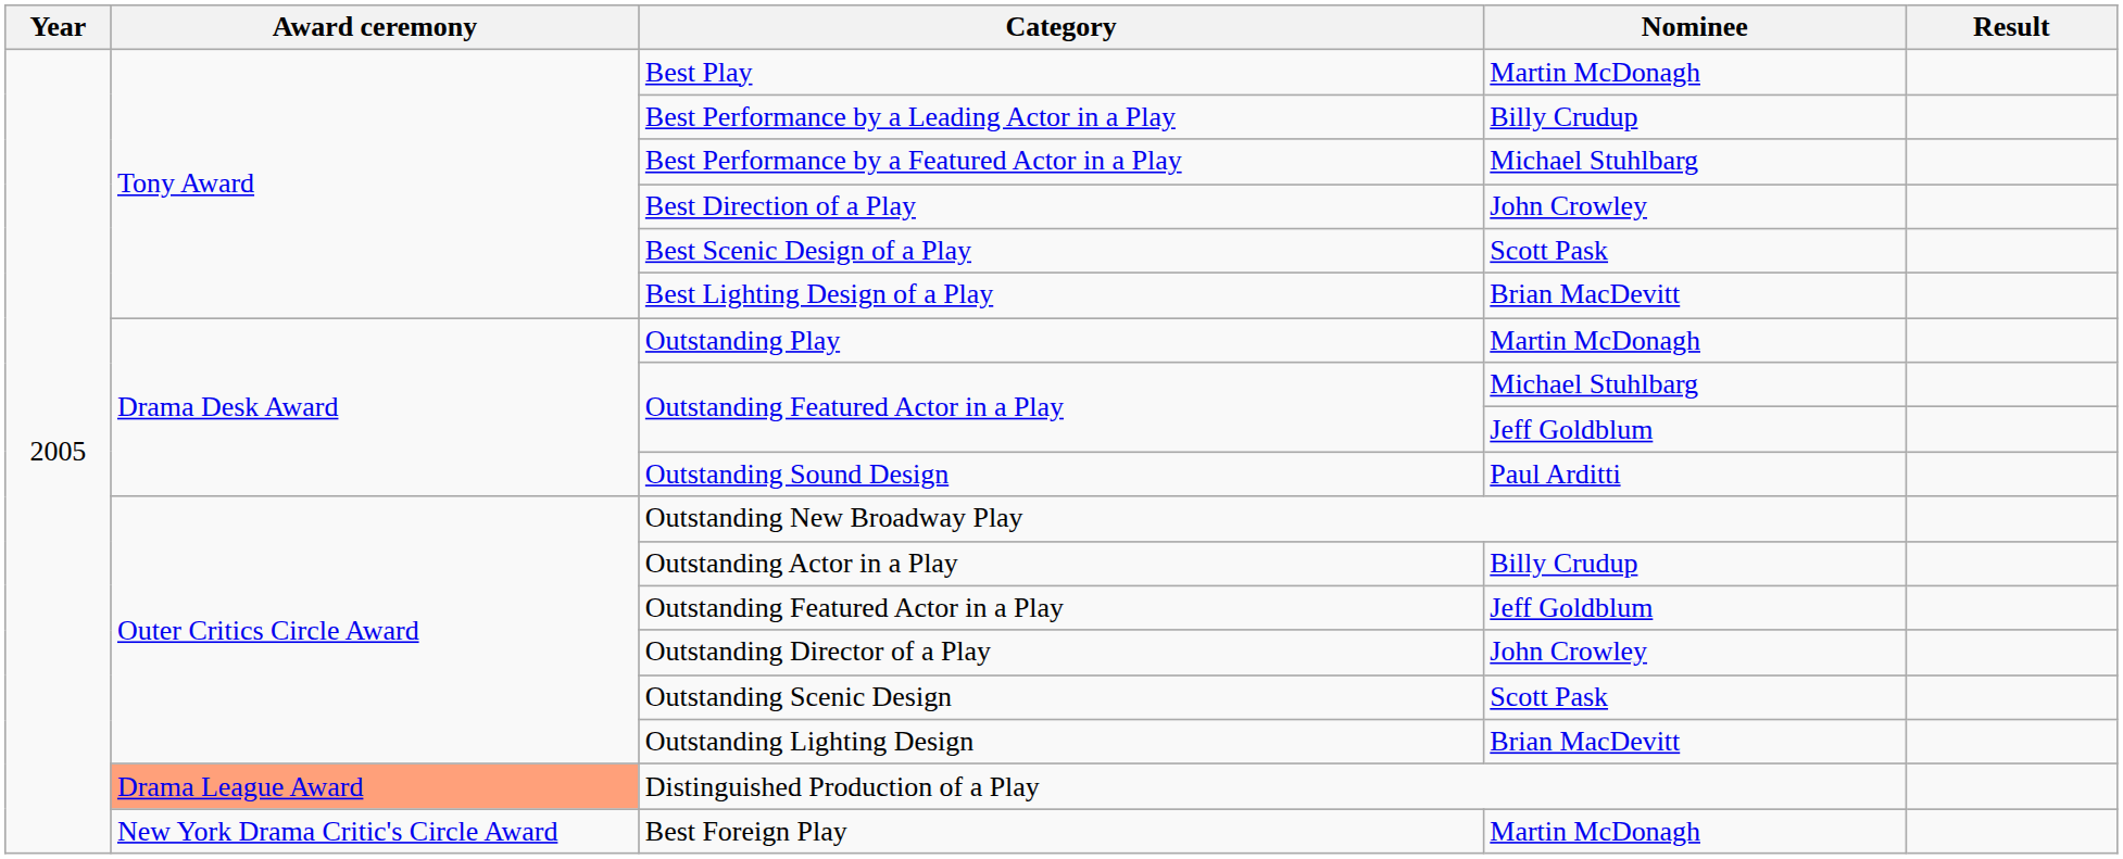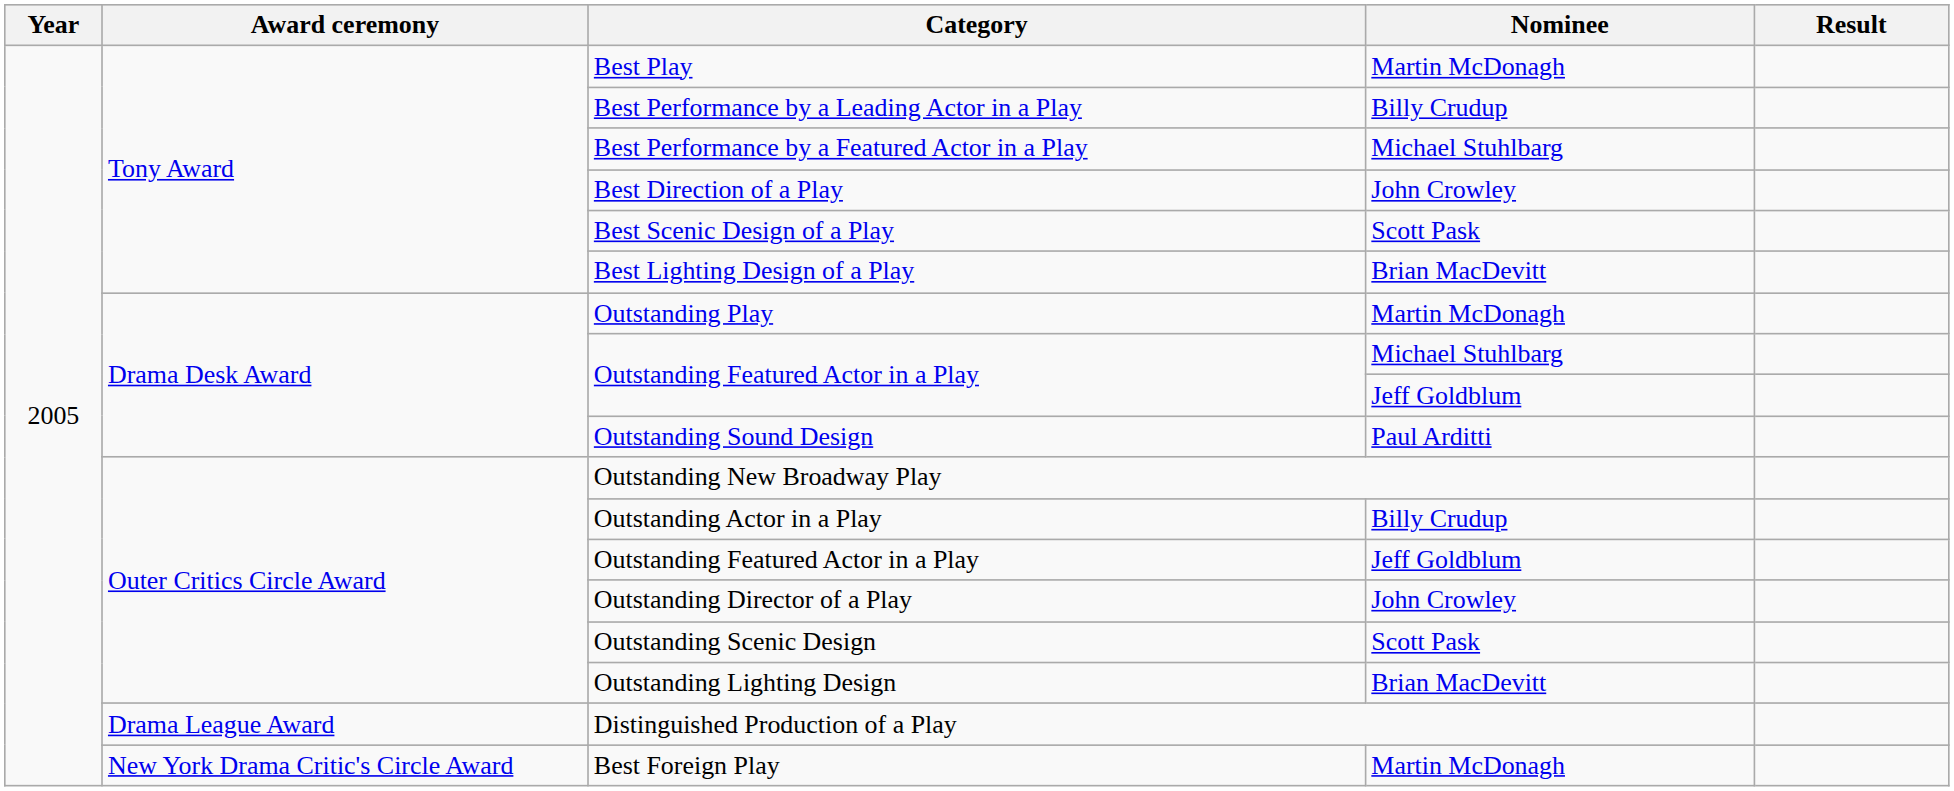 <table class="wikitable" width="95%">
 <tr>
 <th width="5%">Year</th>
 <th width="25%">Award ceremony</th>
 <th width="40%">Category</th>
 <th width="20%">Nominee</th>
 <th width="10%">Result</th>
 </tr>
 <tr>
 <td rowspan="18" align="center">2005</td>
 <td rowspan="6"><a href='#'>Tony Award</a></td>
 <td><a href='#'>Best Play</a></td>
 <td><a href='#'>Martin McDonagh</a></td>
 <td></td>
 </tr>
 <tr>
 <td><a href='#'>Best Performance by a Leading Actor in a Play</a></td>
 <td><a href='#'>Billy Crudup</a></td>
 <td></td>
 </tr>
 <tr>
 <td><a href='#'>Best Performance by a Featured Actor in a Play</a></td>
 <td><a href='#'>Michael Stuhlbarg</a></td>
 <td></td>
 </tr>
 <tr>
 <td><a href='#'>Best Direction of a Play</a></td>
 <td><a href='#'>John Crowley</a></td>
 <td></td>
 </tr>
 <tr>
 <td><a href='#'>Best Scenic Design of a Play</a></td>
 <td><a href='#'>Scott Pask</a></td>
 <td></td>
 </tr>
 <tr>
 <td><a href='#'>Best Lighting Design of a Play</a></td>
 <td><a href='#'>Brian MacDevitt</a></td>
 <td></td>
 </tr>
 <tr>
 <td rowspan="4"><a href='#'>Drama Desk Award</a></td>
 <td><a href='#'>Outstanding Play</a></td>
 <td><a href='#'>Martin McDonagh</a></td>
 <td></td>
 </tr>
 <tr>
 <td rowspan="2"><a href='#'>Outstanding Featured Actor in a Play</a></td>
 <td><a href='#'>Michael Stuhlbarg</a></td>
 <td></td>
 </tr>
 <tr>
 <td><a href='#'>Jeff Goldblum</a></td>
 <td></td>
 </tr>
 <tr>
 <td><a href='#'>Outstanding Sound Design</a></td>
 <td><a href='#'>Paul Arditti</a></td>
 <td></td>
 </tr>
 <tr>
 <td rowspan="6"><a href='#'>Outer Critics Circle Award</a></td>
 <td colspan="2">Outstanding New Broadway Play</td>
 <td></td>
 </tr>
 <tr>
 <td>Outstanding Actor in a Play</td>
 <td><a href='#'>Billy Crudup</a></td>
 <td></td>
 </tr>
 <tr>
 <td>Outstanding Featured Actor in a Play</td>
 <td><a href='#'>Jeff Goldblum</a></td>
 <td></td>
 </tr>
 <tr>
 <td>Outstanding Director of a Play</td>
 <td><a href='#'>John Crowley</a></td>
 <td></td>
 </tr>
 <tr>
 <td>Outstanding Scenic Design</td>
 <td><a href='#'>Scott Pask</a></td>
 <td></td>
 </tr>
 <tr>
 <td>Outstanding Lighting Design</td>
 <td><a href='#'>Brian MacDevitt</a></td>
 <td></td>
 </tr>
 <tr>
-<td style="background: lightsalmon;"><a href='#'>Drama League Award</a></td>
+<td><a href='#'>Drama League Award</a></td>
 <td colspan="2">Distinguished Production of a Play</td>
 <td></td>
 </tr>
 <tr>
 <td rowspan="2"><a href='#'>New York Drama Critic's Circle Award</a></td>
 <td>Best Foreign Play</td>
 <td><a href='#'>Martin McDonagh</a></td>
 <td></td>
 </tr>
 </table>
